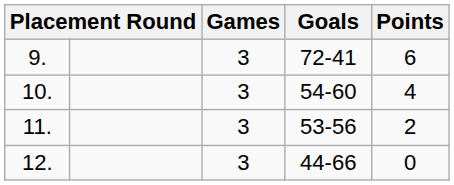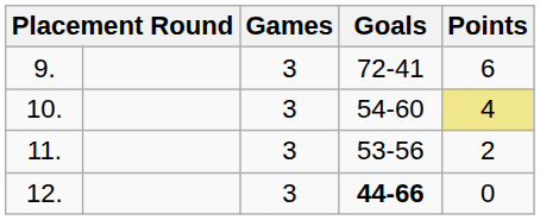 <table class="wikitable" style="text-align:center;">
 <tr>
 <th colspan="2">Placement Round</th>
 <th width="45px">Games</th>
 <th width="55px">Goals</th>
 <th width="45px">Points</th>
 </tr>
 <tr>
 <td width="40px">9.</td>
 <td align="left"></td>
 <td>3</td>
 <td>72-41</td>
 <td>6</td>
 </tr>
 <tr>
 <td>10.</td>
 <td align="left"></td>
 <td>3</td>
 <td>54-60</td>
-<td>4</td>
+<td style="background: khaki;">4</td>
 </tr>
 <tr>
 <td>11.</td>
 <td align="left"></td>
 <td>3</td>
 <td>53-56</td>
 <td>2</td>
 </tr>
 <tr>
 <td>12.</td>
 <td align="left"></td>
 <td>3</td>
-<td>44-66</td>
+<td><strong>44-66</strong></td>
 <td>0</td>
 </tr>
 </table>
